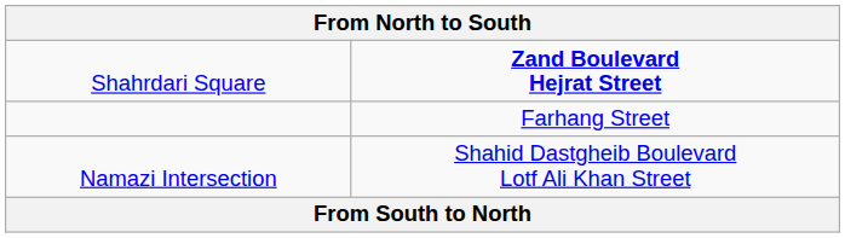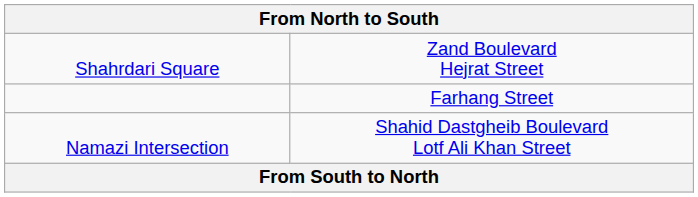 <table class="wikitable" style="text-align:center" width="600px">
 <tr>
 <th text-align="center" colspan="3"> From North to South </th>
 </tr>
 <tr>
 <td><br><a href='#'>Shahrdari Square</a></td>
-<td><strong> <a href='#'>Zand Boulevard</a><br> <a href='#'>Hejrat Street</a></strong></td>
+<td> <a href='#'>Zand Boulevard</a><br> <a href='#'>Hejrat Street</a></td>
 </tr>
 <tr>
 <td></td>
 <td> <a href='#'>Farhang Street</a></td>
 </tr>
 <tr>
 <td><br><a href='#'>Namazi Intersection</a></td>
 <td> <a href='#'>Shahid Dastgheib Boulevard</a><br> <a href='#'>Lotf Ali Khan Street</a></td>
 </tr>
 <tr>
 <th text-align="center" colspan="3"> From South to North </th>
 </tr>
 </table>
